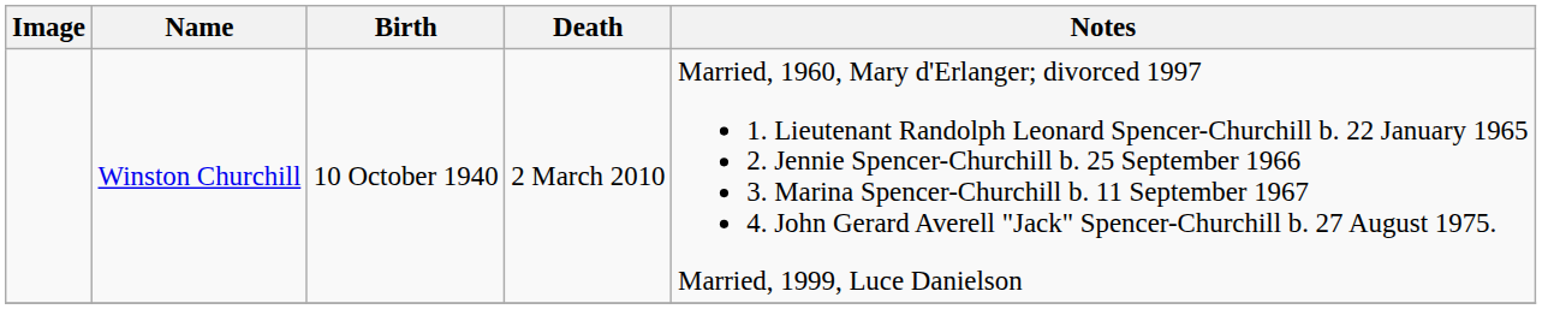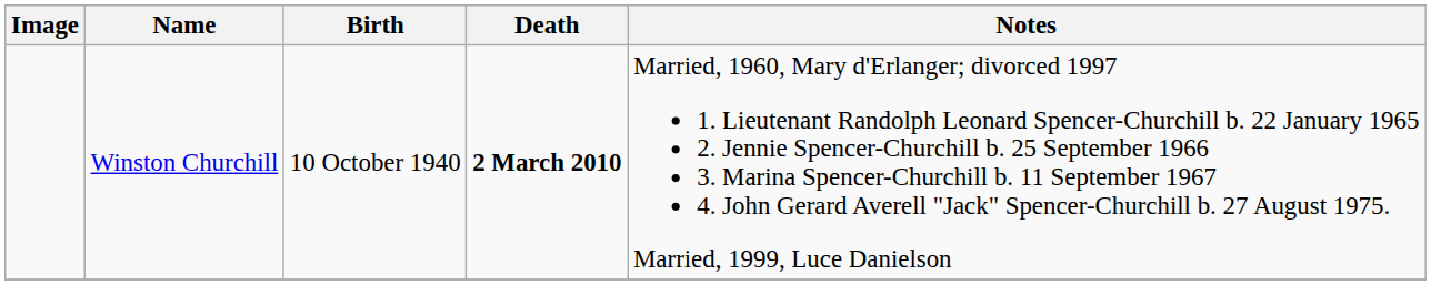 <table class="wikitable">
 <tr>
 <th>Image</th>
 <th>Name</th>
 <th>Birth</th>
 <th>Death</th>
 <th>Notes</th>
 </tr>
 <tr>
 <td></td>
 <td><a href='#'>Winston Churchill</a></td>
 <td>10 October 1940</td>
-<td>2 March 2010</td>
+<td><strong>2 March 2010</strong></td>
 <td>Married, 1960, Mary d'Erlanger; divorced 1997<br><ul><li>1. Lieutenant Randolph Leonard Spencer-Churchill b. 22 January 1965</li><li>2. Jennie Spencer-Churchill b. 25 September 1966</li><li>3. Marina Spencer-Churchill b. 11 September 1967</li><li>4. John Gerard Averell "Jack" Spencer-Churchill b. 27 August 1975.</li></ul>Married, 1999, Luce Danielson</td>
 </tr>
 <tr>
 </tr>
 </table>
